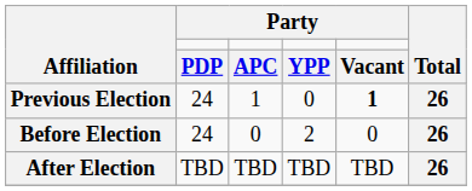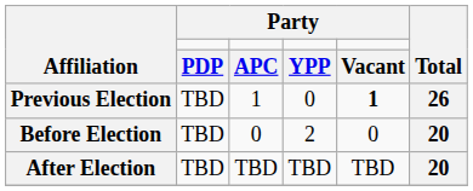 <table class=wikitable style="text-align:center">
 <tr style="vertical-align:bottom;">
 <th rowspan=3>Affiliation</th>
 <th colspan=4>Party</th>
 <th rowspan=3>Total</th>
 </tr>
 <tr>
 <td style="background-color:"></td>
 <td style="background-color:"></td>
 <td style="background-color:"></td>
 <td style="background-color:"></td>
 </tr>
 <tr>
 <th><a href='#'>PDP</a></th>
 <th><a href='#'>APC</a></th>
 <th><a href='#'>YPP</a></th>
 <th>Vacant</th>
 </tr>
 <tr>
 <th>Previous Election</th>
-<td>24</td>
+<td>TBD</td>
 <td>1</td>
 <td>0</td>
 <td><strong>1</strong></td>
 <th>26</th>
 </tr>
 <tr>
 <th>Before Election</th>
-<td>24</td>
+<td>TBD</td>
 <td>0</td>
 <td>2</td>
 <td>0</td>
-<th>26</th>
+<th>20</th>
 </tr>
 <tr>
 <th>After Election</th>
 <td>TBD</td>
 <td>TBD</td>
 <td>TBD</td>
 <td>TBD</td>
-<th>26</th>
+<th>20</th>
 </tr>
 <tr>
 </tr>
 </table>
